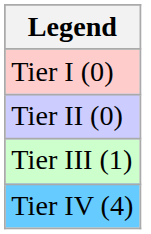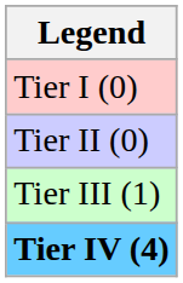 <table class="wikitable">
 <tr>
 <th>Legend</th>
 </tr>
 <tr style="background:#fcc;">
 <td>Tier I (0)</td>
 </tr>
 <tr style="background:#ccf;">
 <td>Tier II (0)</td>
 </tr>
 <tr style="background:#cfc;">
 <td>Tier III (1)</td>
 </tr>
 <tr bgcolor=#66CCFF>
-<td>Tier IV (4)</td>
+<td><strong>Tier IV (4)</strong></td>
 </tr>
 </table>
